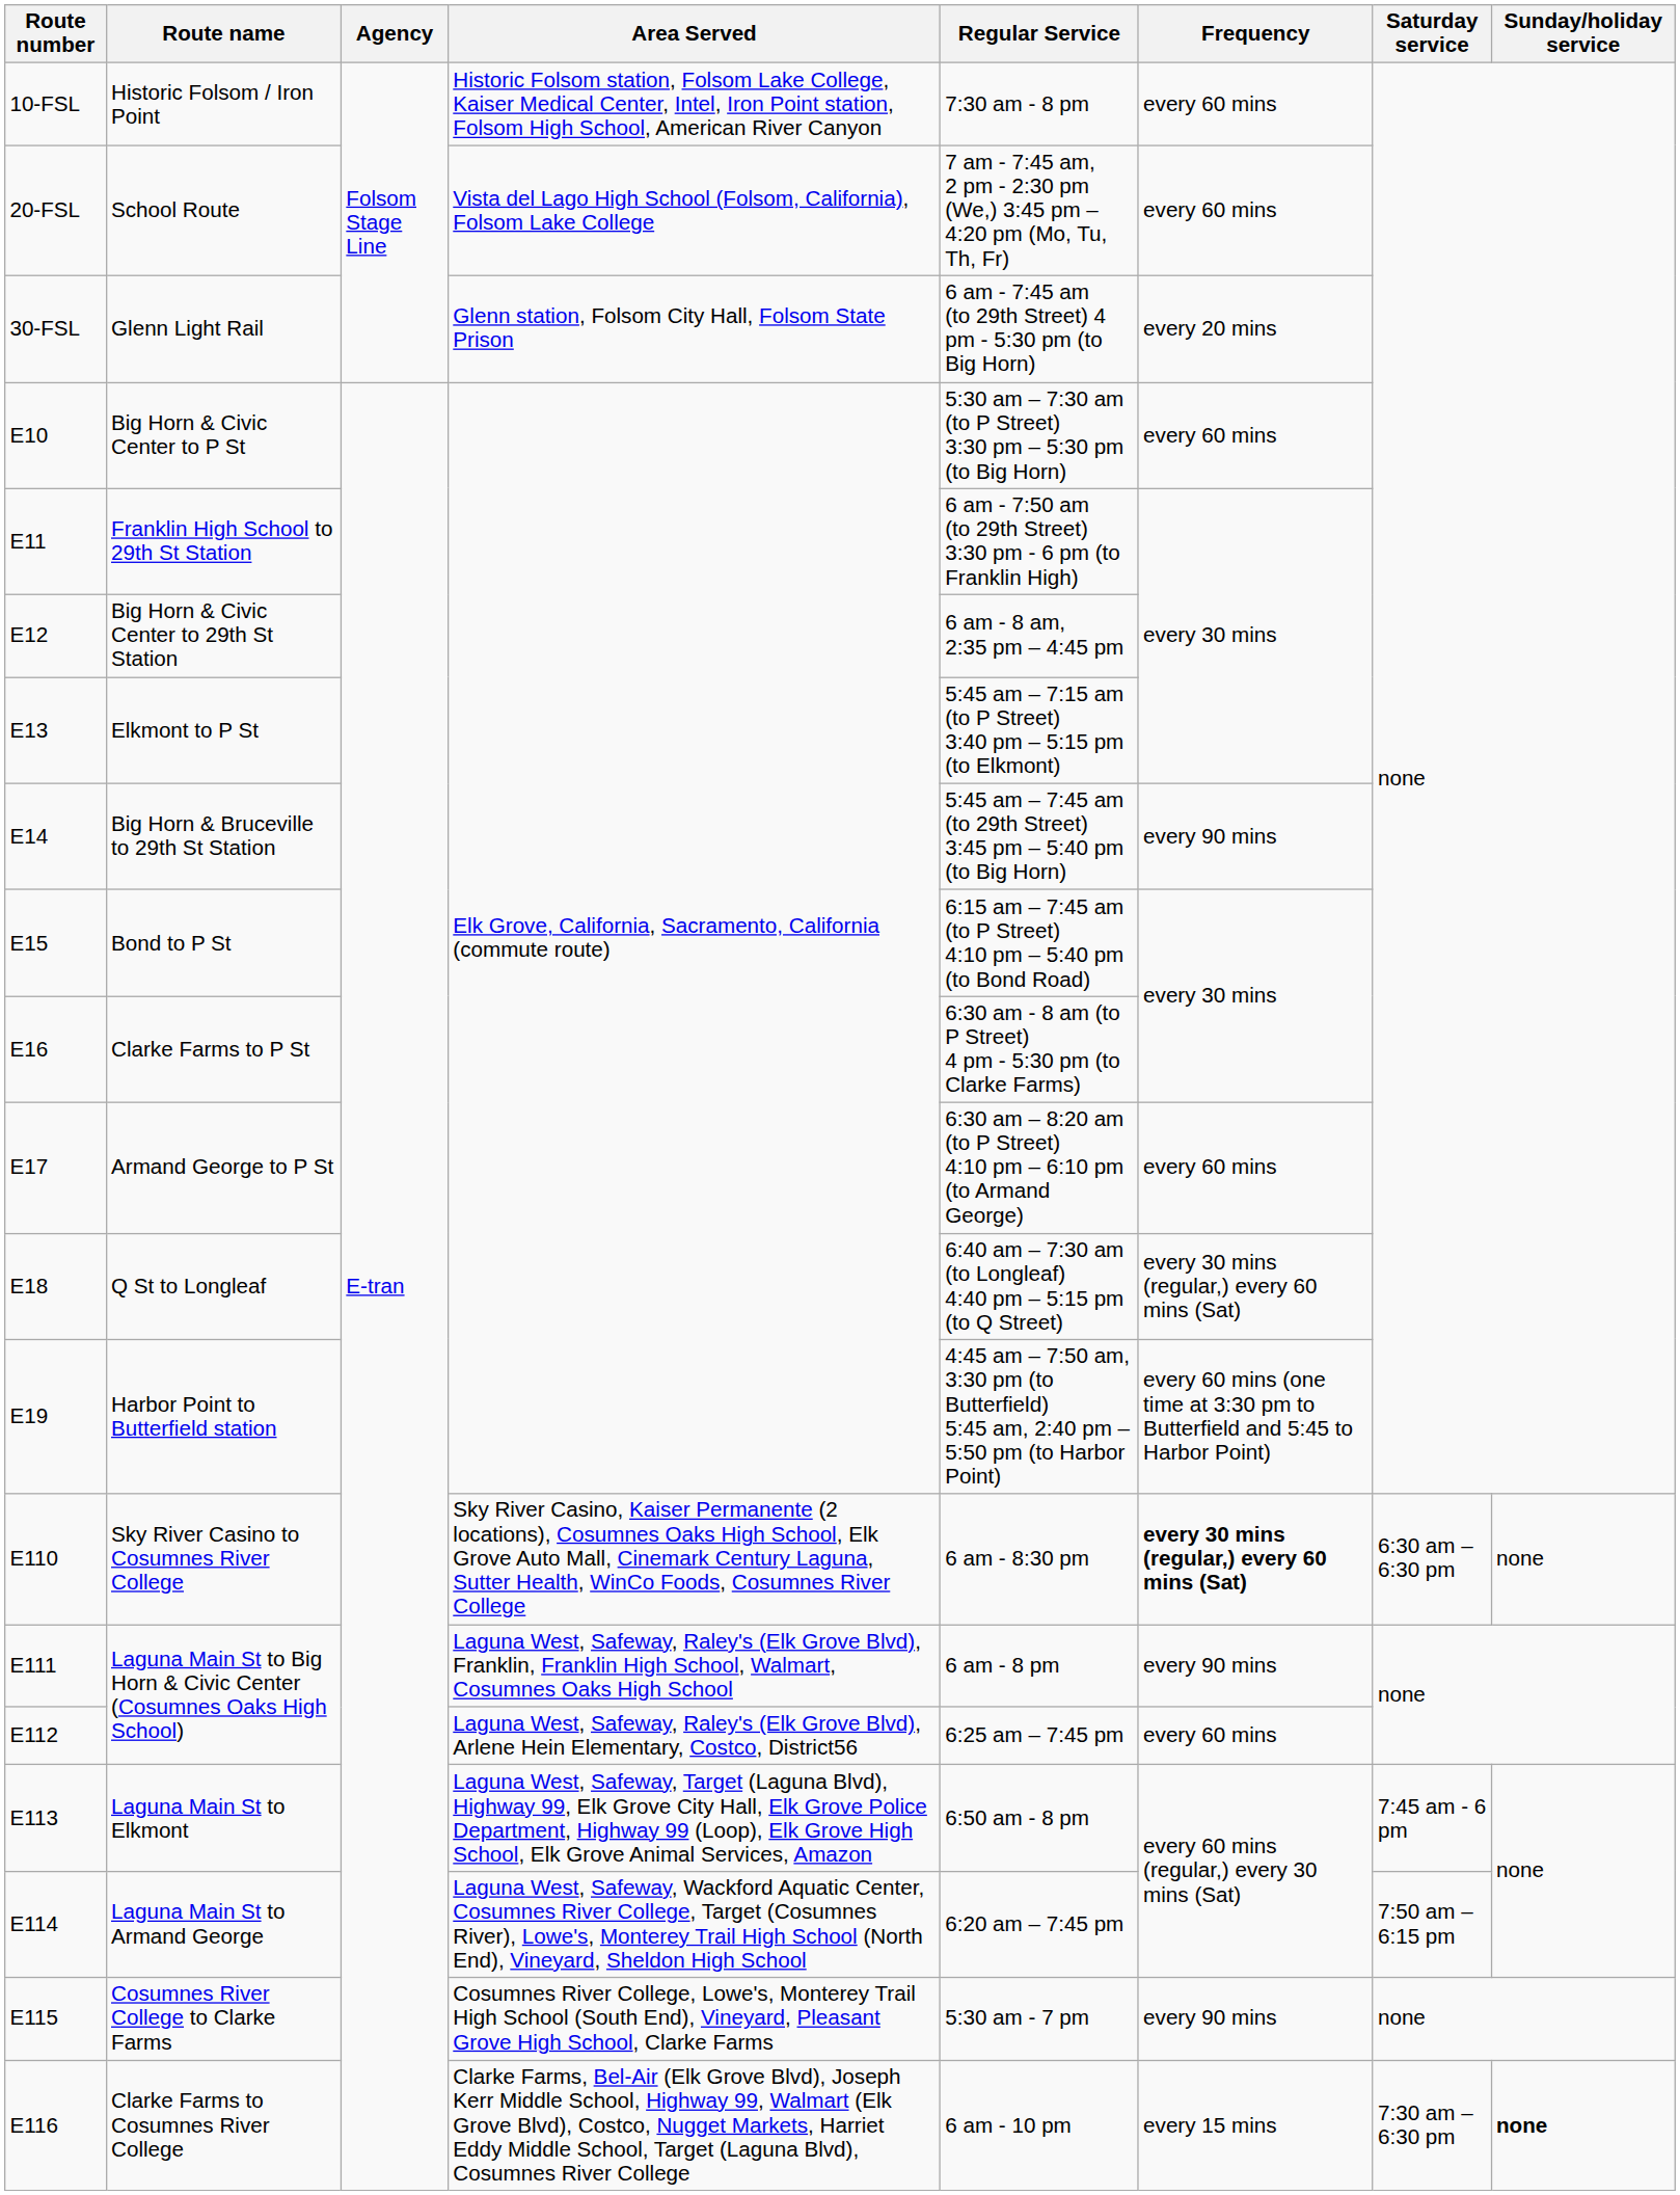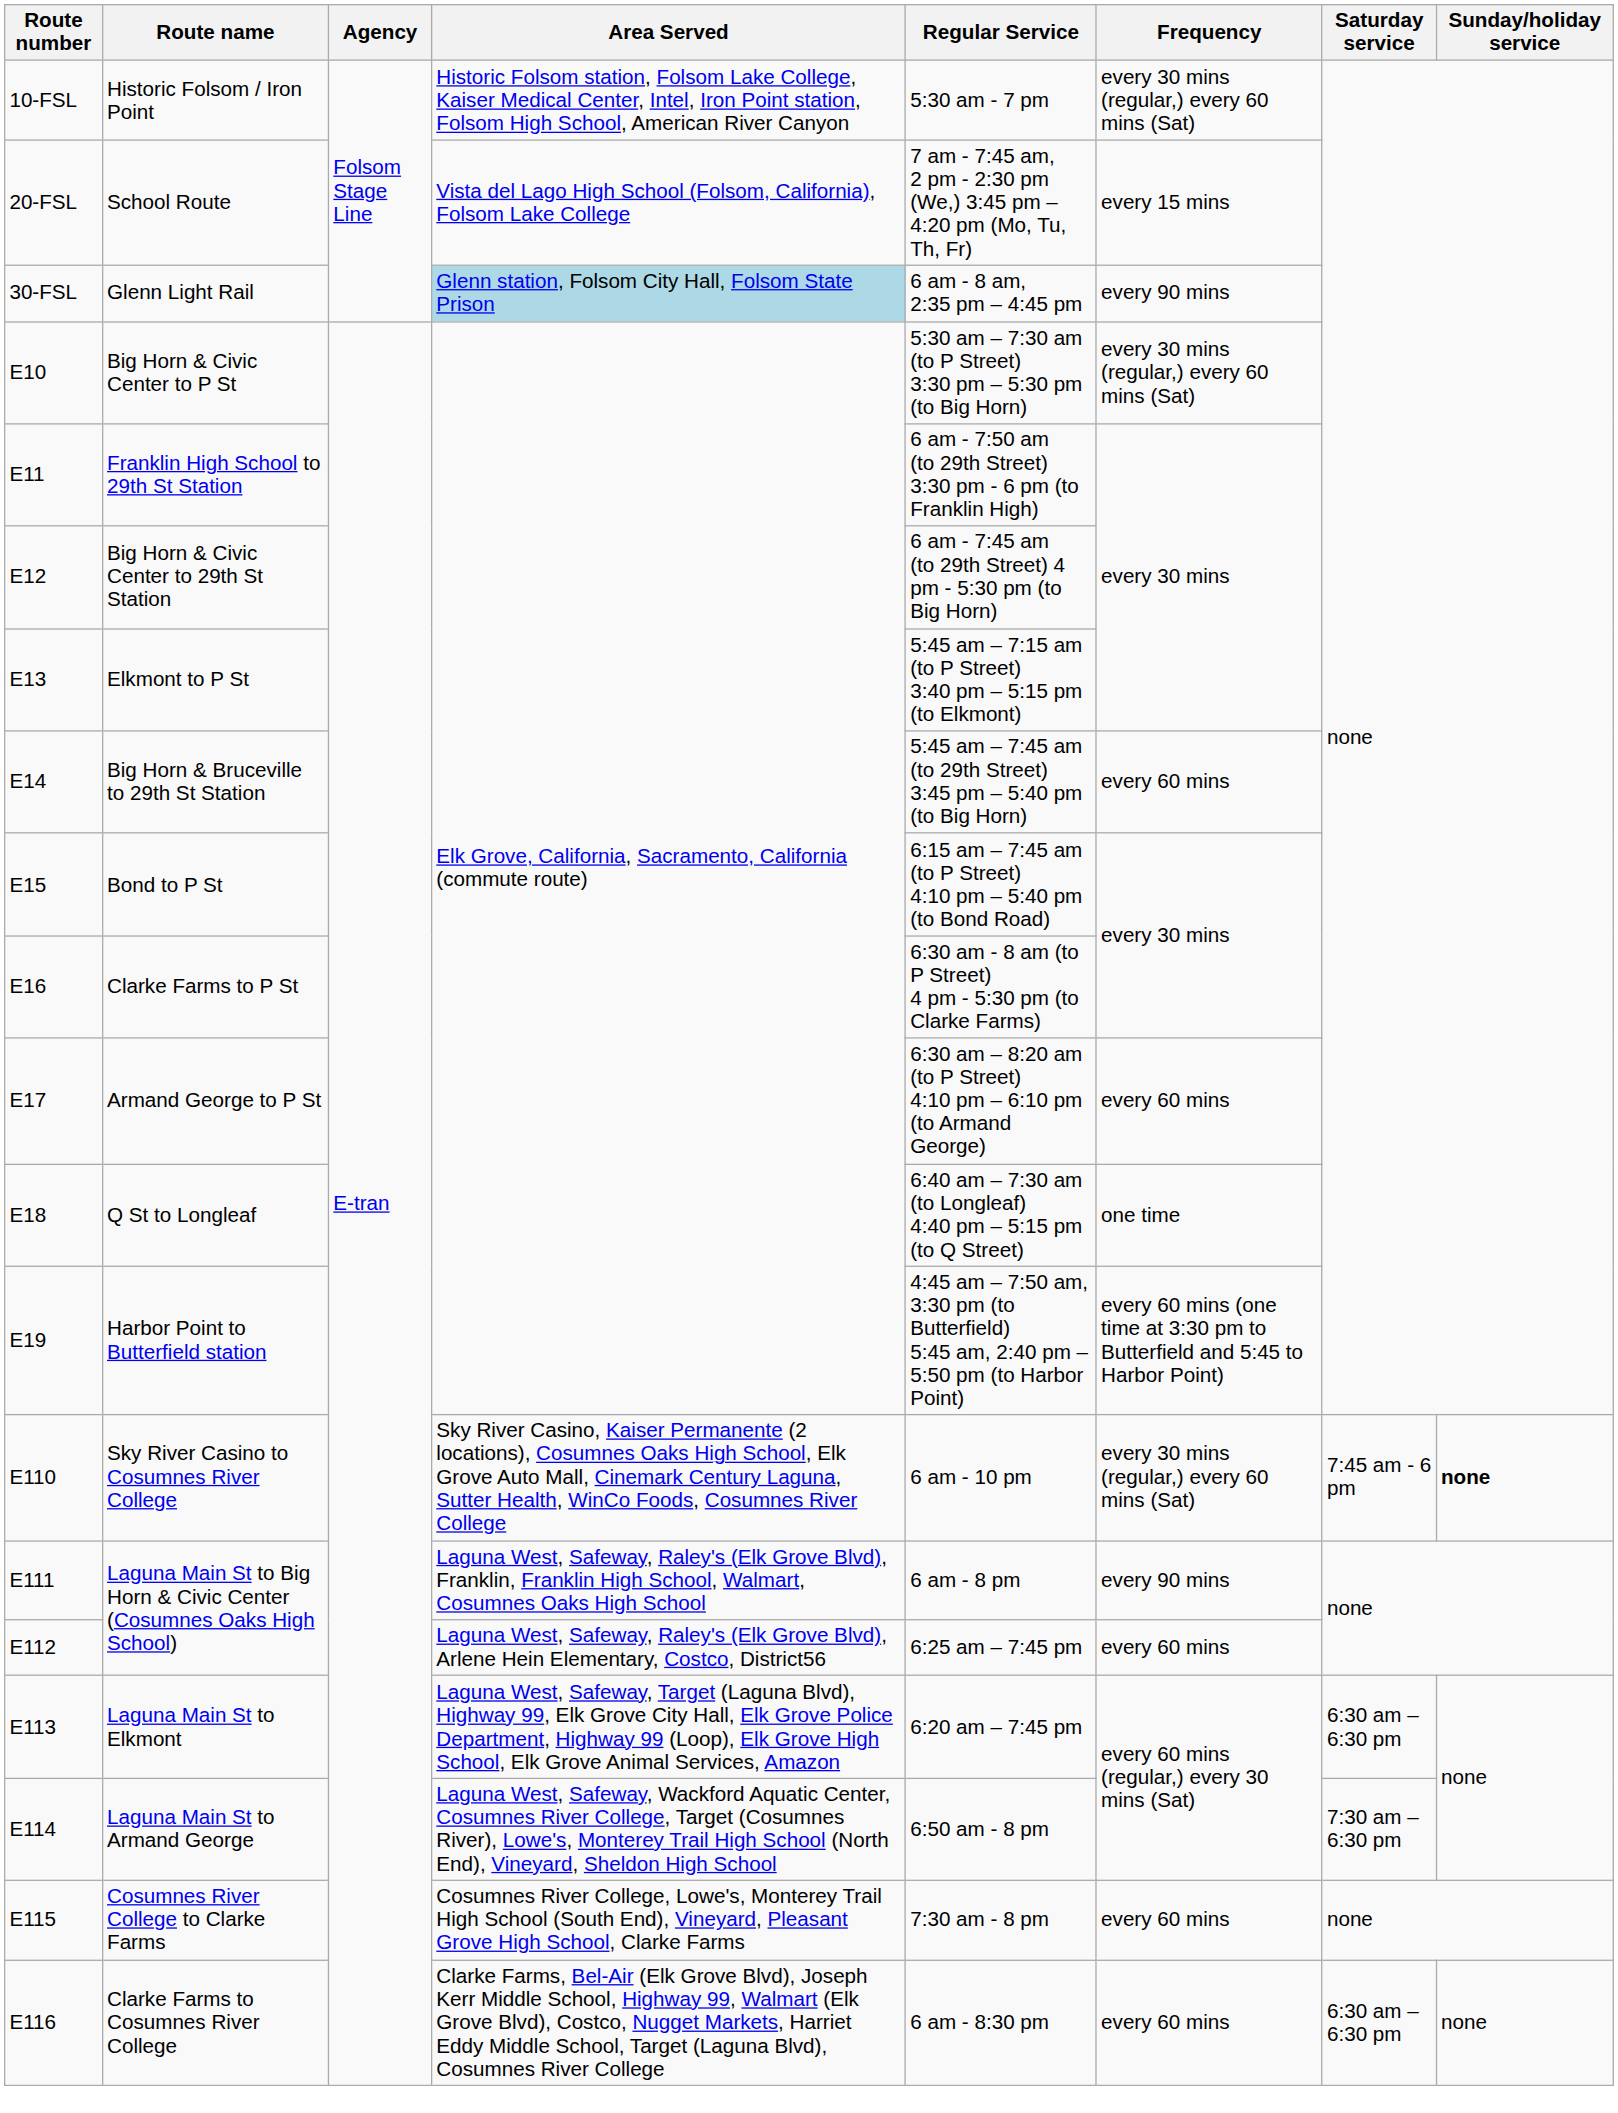 <table class="wikitable">
 <tr>
 <th>Route number</th>
 <th>Route name</th>
 <th>Agency</th>
 <th>Area Served</th>
 <th>Regular Service</th>
 <th>Frequency</th>
 <th>Saturday service</th>
 <th>Sunday/holiday service</th>
 </tr>
 <tr>
 <td>10-FSL</td>
 <td>Historic Folsom / Iron Point</td>
 <td rowspan="3"><a href='#'>Folsom Stage Line</a></td>
 <td><a href='#'>Historic Folsom station</a>, <a href='#'>Folsom Lake College</a>, <a href='#'>Kaiser Medical Center</a>, <a href='#'>Intel</a>, <a href='#'>Iron Point station</a>, <a href='#'>Folsom High School</a>, American River Canyon</td>
-<td>7:30 am - 8 pm</td>
-<td>every 60 mins</td>
+<td>5:30 am - 7 pm</td>
+<td>every 30 mins (regular,) every 60 mins (Sat)</td>
 <td colspan="2" rowspan="13">none</td>
 </tr>
 <tr>
 <td>20-FSL</td>
 <td>School Route</td>
 <td><a href='#'>Vista del Lago High School (Folsom, California)</a>, <a href='#'>Folsom Lake College</a></td>
 <td>7 am - 7:45 am,<br>2 pm - 2:30 pm (We,) 3:45 pm – 4:20 pm (Mo, Tu, Th, Fr)</td>
-<td>every 60 mins</td>
+<td>every 15 mins</td>
 </tr>
 <tr>
 <td>30-FSL</td>
 <td>Glenn Light Rail</td>
-<td><a href='#'>Glenn station</a>, Folsom City Hall, <a href='#'>Folsom State Prison</a></td>
-<td>6 am - 7:45 am<br>(to 29th Street) 4 pm - 5:30 pm (to Big Horn)</td>
-<td>every 20 mins</td>
+<td style="background: lightblue;"><a href='#'>Glenn station</a>, Folsom City Hall, <a href='#'>Folsom State Prison</a></td>
+<td>6 am - 8 am,<br>2:35 pm – 4:45 pm</td>
+<td>every 90 mins</td>
 </tr>
 <tr>
 <td>E10</td>
 <td>Big Horn & Civic Center to P St</td>
 <td rowspan="17"><a href='#'>E-tran</a></td>
 <td rowspan="10"><a href='#'>Elk Grove, California</a>, <a href='#'>Sacramento, California</a> (commute route)</td>
 <td>5:30 am – 7:30 am (to P Street)<br>3:30 pm – 5:30 pm (to Big Horn)</td>
-<td>every 60 mins</td>
+<td>every 30 mins (regular,) every 60 mins (Sat)</td>
 </tr>
 <tr>
 <td>E11</td>
 <td><a href='#'>Franklin High School</a> to <a href='#'>29th St Station</a></td>
 <td>6 am - 7:50 am<br>(to 29th Street) 3:30 pm - 6 pm (to Franklin High)</td>
 <td rowspan="3">every 30 mins</td>
 </tr>
 <tr>
 <td>E12</td>
 <td>Big Horn & Civic Center to 29th St Station</td>
-<td>6 am - 8 am,<br>2:35 pm – 4:45 pm</td>
+<td>6 am - 7:45 am<br>(to 29th Street) 4 pm - 5:30 pm (to Big Horn)</td>
 </tr>
 <tr>
 <td>E13</td>
 <td>Elkmont to P St</td>
 <td>5:45 am – 7:15 am (to P Street)<br>3:40 pm – 5:15 pm (to Elkmont)</td>
 </tr>
 <tr>
 <td>E14</td>
 <td>Big Horn & Bruceville to 29th St Station</td>
 <td>5:45 am – 7:45 am (to 29th Street)<br>3:45 pm – 5:40 pm (to Big Horn)</td>
-<td>every 90 mins</td>
+<td>every 60 mins</td>
 </tr>
 <tr>
 <td>E15</td>
 <td>Bond to P St</td>
 <td>6:15 am – 7:45 am (to P Street)<br>4:10 pm – 5:40 pm (to Bond Road)</td>
 <td rowspan="2">every 30 mins</td>
 </tr>
 <tr>
 <td>E16</td>
 <td>Clarke Farms to P St</td>
 <td>6:30 am - 8 am (to P Street)<br>4 pm - 5:30 pm (to Clarke Farms)</td>
 </tr>
 <tr>
 <td>E17</td>
 <td>Armand George to P St</td>
 <td>6:30 am – 8:20 am (to P Street)<br>4:10 pm – 6:10 pm (to Armand George)</td>
 <td>every 60 mins</td>
 </tr>
 <tr>
 <td>E18</td>
 <td>Q St to Longleaf</td>
 <td>6:40 am – 7:30 am (to Longleaf)<br>4:40 pm – 5:15 pm (to Q Street)</td>
-<td>every 30 mins (regular,) every 60 mins (Sat)</td>
+<td>one time</td>
 </tr>
 <tr>
 <td>E19</td>
 <td>Harbor Point to <a href='#'>Butterfield station</a></td>
 <td>4:45 am – 7:50 am, 3:30 pm (to Butterfield)<br>5:45 am, 2:40 pm – 5:50 pm (to Harbor Point)</td>
 <td>every 60 mins (one time at 3:30 pm to Butterfield and 5:45 to Harbor Point)</td>
 </tr>
 <tr>
 <td>E110</td>
 <td>Sky River Casino to <a href='#'>Cosumnes River College</a></td>
 <td>Sky River Casino, <a href='#'>Kaiser Permanente</a> (2 locations), <a href='#'>Cosumnes Oaks High School</a>, Elk Grove Auto Mall, <a href='#'>Cinemark Century Laguna</a>, <a href='#'>Sutter Health</a>, <a href='#'>WinCo Foods</a>, <a href='#'>Cosumnes River College</a></td>
-<td>6 am - 8:30 pm</td>
-<td><strong>every 30 mins (regular,) every 60 mins (Sat)</strong></td>
-<td>6:30 am – 6:30 pm</td>
-<td>none</td>
+<td>6 am - 10 pm</td>
+<td>every 30 mins (regular,) every 60 mins (Sat)</td>
+<td>7:45 am - 6 pm</td>
+<td><strong>none</strong></td>
 </tr>
 <tr>
 <td>E111</td>
 <td rowspan="2"><a href='#'>Laguna Main St</a> to Big Horn & Civic Center (<a href='#'>Cosumnes Oaks High School</a>)</td>
 <td><a href='#'>Laguna West</a>, <a href='#'>Safeway</a>, <a href='#'>Raley's (Elk Grove Blvd)</a>, Franklin, <a href='#'>Franklin High School</a>, <a href='#'>Walmart</a>, <a href='#'>Cosumnes Oaks High School</a></td>
 <td>6 am - 8 pm</td>
 <td>every 90 mins</td>
 <td colspan="2" rowspan="2">none</td>
 </tr>
 <tr>
 <td>E112</td>
 <td><a href='#'>Laguna West</a>, <a href='#'>Safeway</a>, <a href='#'>Raley's (Elk Grove Blvd)</a>, Arlene Hein Elementary, <a href='#'>Costco</a>, District56</td>
 <td>6:25 am – 7:45 pm</td>
 <td>every 60 mins</td>
 </tr>
 <tr>
 <td>E113</td>
 <td><a href='#'>Laguna Main St</a> to Elkmont</td>
 <td><a href='#'>Laguna West</a>, <a href='#'>Safeway</a>, <a href='#'>Target</a> (Laguna Blvd), <a href='#'>Highway 99</a>, Elk Grove City Hall, <a href='#'>Elk Grove Police Department</a>, <a href='#'>Highway 99</a> (Loop), <a href='#'>Elk Grove High School</a>, Elk Grove Animal Services, <a href='#'>Amazon</a></td>
-<td>6:50 am - 8 pm</td>
+<td>6:20 am – 7:45 pm</td>
 <td rowspan="2">every 60 mins (regular,) every 30 mins (Sat)</td>
-<td>7:45 am - 6 pm</td>
+<td>6:30 am – 6:30 pm</td>
 <td rowspan="2">none</td>
 </tr>
 <tr>
 <td>E114</td>
 <td><a href='#'>Laguna Main St</a> to Armand George</td>
 <td><a href='#'>Laguna West</a>, <a href='#'>Safeway</a>, Wackford Aquatic Center, <a href='#'>Cosumnes River College</a>, Target (Cosumnes River), <a href='#'>Lowe's</a>, <a href='#'>Monterey Trail High School</a> (North End), <a href='#'>Vineyard</a>, <a href='#'>Sheldon High School</a></td>
-<td>6:20 am – 7:45 pm</td>
-<td>7:50 am – 6:15 pm</td>
+<td>6:50 am - 8 pm</td>
+<td>7:30 am – 6:30 pm</td>
 </tr>
 <tr>
 <td>E115</td>
 <td><a href='#'>Cosumnes River College</a> to Clarke Farms</td>
 <td>Cosumnes River College, Lowe's, Monterey Trail High School (South End), <a href='#'>Vineyard</a>, <a href='#'>Pleasant Grove High School</a>, Clarke Farms</td>
-<td>5:30 am - 7 pm</td>
-<td>every 90 mins</td>
+<td>7:30 am - 8 pm</td>
+<td>every 60 mins</td>
 <td colspan="2">none</td>
 </tr>
 <tr>
 <td>E116</td>
 <td>Clarke Farms to Cosumnes River College</td>
 <td>Clarke Farms, <a href='#'>Bel-Air</a> (Elk Grove Blvd), Joseph Kerr Middle School, <a href='#'>Highway 99</a>, <a href='#'>Walmart</a> (Elk Grove Blvd), Costco, <a href='#'>Nugget Markets</a>, Harriet Eddy Middle School, Target (Laguna Blvd), Cosumnes River College</td>
-<td>6 am - 10 pm</td>
-<td>every 15 mins</td>
-<td>7:30 am – 6:30 pm</td>
-<td><strong>none</strong></td>
+<td>6 am - 8:30 pm</td>
+<td>every 60 mins</td>
+<td>6:30 am – 6:30 pm</td>
+<td>none</td>
 </tr>
 </table>
